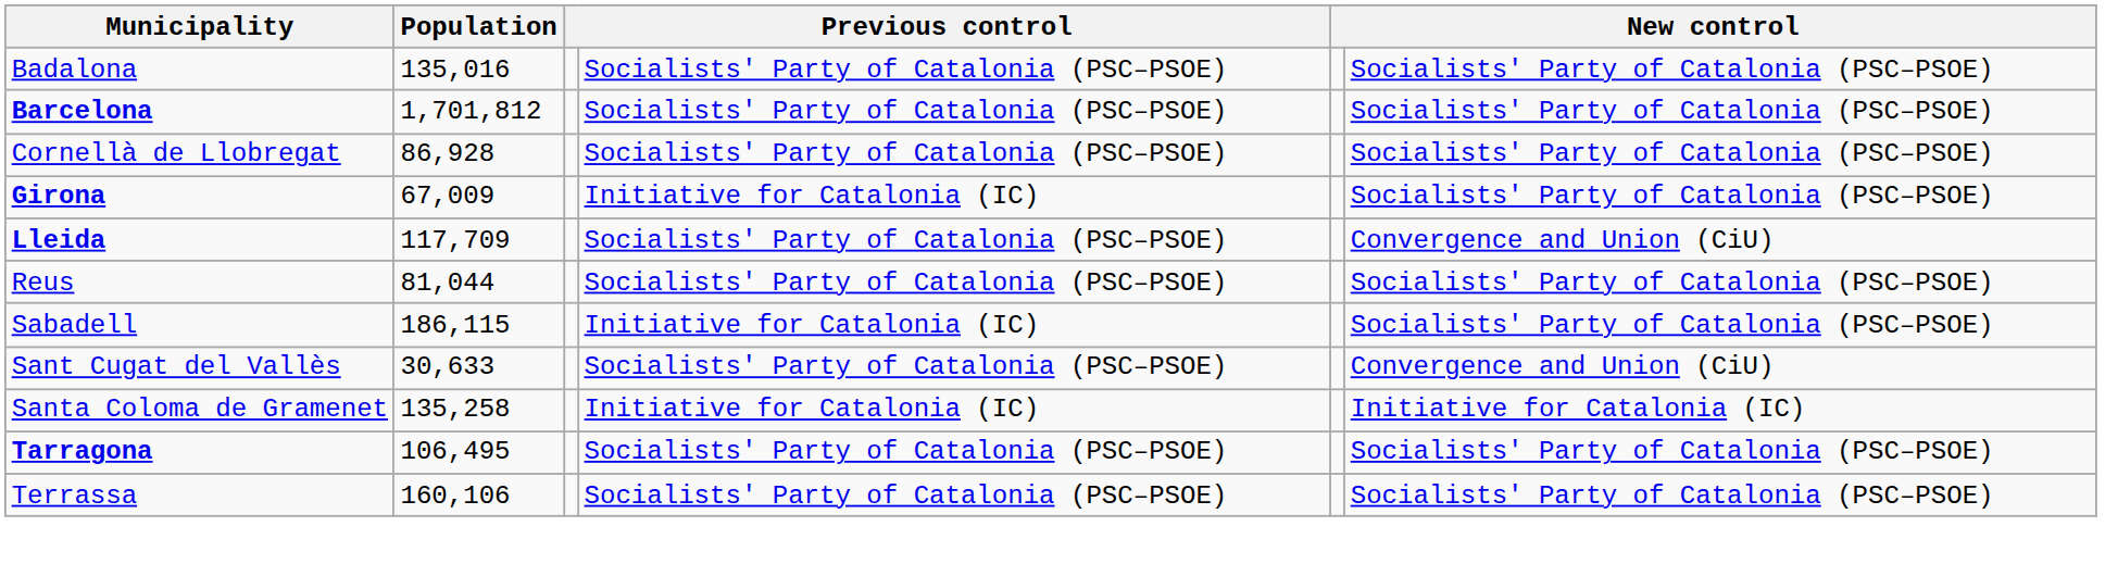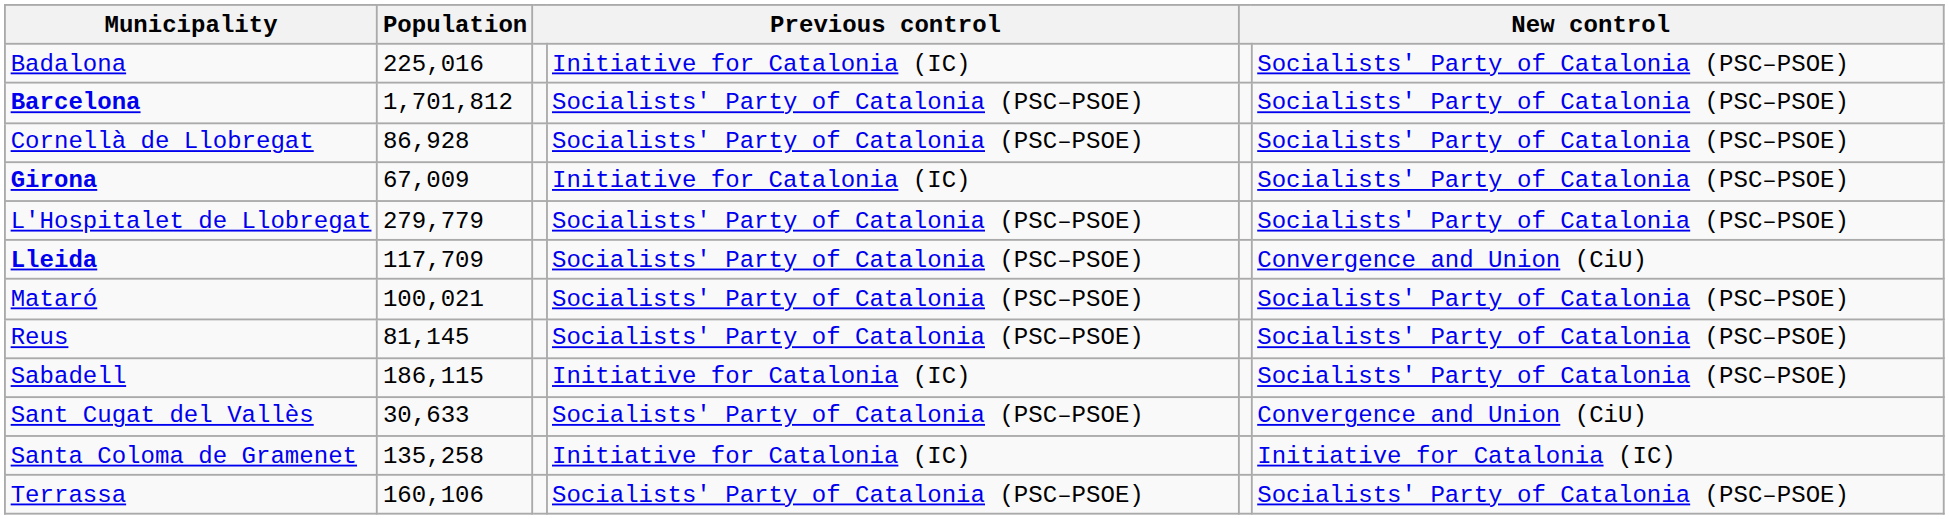 <table class="wikitable sortable">
 <tr>
 <th>Municipality</th>
 <th>Population</th>
 <th colspan="2" style="width:375px;">Previous control</th>
 <th colspan="2" style="width:375px;">New control</th>
 </tr>
 <tr>
 <td><a href='#'>Badalona</a></td>
-<td>135,016</td>
+<td>225,016</td>
 <td width="1" style="color:inherit;background:"></td>
-<td><a href='#'>Socialists' Party of Catalonia</a> (PSC–PSOE)</td>
+<td><a href='#'>Initiative for Catalonia</a> (IC)</td>
 <td width="1" style="color:inherit;background:"></td>
 <td><a href='#'>Socialists' Party of Catalonia</a> (PSC–PSOE)</td>
 </tr>
 <tr>
 <td><strong><a href='#'>Barcelona</a></strong></td>
 <td>1,701,812</td>
 <td style="color:inherit;background:"></td>
 <td><a href='#'>Socialists' Party of Catalonia</a> (PSC–PSOE)</td>
 <td style="color:inherit;background:"></td>
 <td><a href='#'>Socialists' Party of Catalonia</a> (PSC–PSOE)</td>
 </tr>
 <tr>
 <td><a href='#'>Cornellà de Llobregat</a></td>
 <td>86,928</td>
 <td style="color:inherit;background:"></td>
 <td><a href='#'>Socialists' Party of Catalonia</a> (PSC–PSOE)</td>
 <td style="color:inherit;background:"></td>
 <td><a href='#'>Socialists' Party of Catalonia</a> (PSC–PSOE)</td>
 </tr>
 <tr>
 <td><strong><a href='#'>Girona</a></strong></td>
 <td>67,009</td>
 <td style="color:inherit;background:"></td>
 <td><a href='#'>Initiative for Catalonia</a> (IC)</td>
 <td style="color:inherit;background:"></td>
 <td><a href='#'>Socialists' Party of Catalonia</a> (PSC–PSOE)</td>
 </tr>
 <tr>
+<td><a href='#'>L'Hospitalet de Llobregat</a></td>
+<td>279,779</td>
+<td style="color:inherit;background:"></td>
+<td><a href='#'>Socialists' Party of Catalonia</a> (PSC–PSOE)</td>
+<td style="color:inherit;background:"></td>
+<td><a href='#'>Socialists' Party of Catalonia</a> (PSC–PSOE)</td>
+</tr>
+<tr>
 <td><strong><a href='#'>Lleida</a></strong></td>
 <td>117,709</td>
 <td style="color:inherit;background:"></td>
 <td><a href='#'>Socialists' Party of Catalonia</a> (PSC–PSOE)</td>
 <td style="color:inherit;background:"></td>
 <td><a href='#'>Convergence and Union</a> (CiU) </td>
 </tr>
 <tr>
+<td><a href='#'>Mataró</a></td>
+<td>100,021</td>
+<td style="color:inherit;background:"></td>
+<td><a href='#'>Socialists' Party of Catalonia</a> (PSC–PSOE)</td>
+<td style="color:inherit;background:"></td>
+<td><a href='#'>Socialists' Party of Catalonia</a> (PSC–PSOE)</td>
+</tr>
+<tr>
 <td><a href='#'>Reus</a></td>
-<td>81,044</td>
+<td>81,145</td>
 <td style="color:inherit;background:"></td>
 <td><a href='#'>Socialists' Party of Catalonia</a> (PSC–PSOE)</td>
 <td style="color:inherit;background:"></td>
 <td><a href='#'>Socialists' Party of Catalonia</a> (PSC–PSOE)</td>
 </tr>
 <tr>
 <td><a href='#'>Sabadell</a></td>
 <td>186,115</td>
 <td style="color:inherit;background:"></td>
 <td><a href='#'>Initiative for Catalonia</a> (IC)</td>
 <td style="color:inherit;background:"></td>
 <td><a href='#'>Socialists' Party of Catalonia</a> (PSC–PSOE) </td>
 </tr>
 <tr>
 <td><a href='#'>Sant Cugat del Vallès</a></td>
 <td>30,633</td>
 <td style="color:inherit;background:"></td>
 <td><a href='#'>Socialists' Party of Catalonia</a> (PSC–PSOE)</td>
 <td style="color:inherit;background:"></td>
 <td><a href='#'>Convergence and Union</a> (CiU)</td>
 </tr>
 <tr>
 <td><a href='#'>Santa Coloma de Gramenet</a></td>
 <td>135,258</td>
 <td style="color:inherit;background:"></td>
 <td><a href='#'>Initiative for Catalonia</a> (IC)</td>
 <td style="color:inherit;background:"></td>
 <td><a href='#'>Initiative for Catalonia</a> (IC)</td>
 </tr>
 <tr>
-<td><strong><a href='#'>Tarragona</a></strong></td>
-<td>106,495</td>
-<td style="color:inherit;background:"></td>
-<td><a href='#'>Socialists' Party of Catalonia</a> (PSC–PSOE)</td>
-<td style="color:inherit;background:"></td>
-<td><a href='#'>Socialists' Party of Catalonia</a> (PSC–PSOE) </td>
-</tr>
-<tr>
 <td><a href='#'>Terrassa</a></td>
 <td>160,106</td>
 <td style="color:inherit;background:"></td>
 <td><a href='#'>Socialists' Party of Catalonia</a> (PSC–PSOE)</td>
 <td style="color:inherit;background:"></td>
 <td><a href='#'>Socialists' Party of Catalonia</a> (PSC–PSOE)</td>
 </tr>
 </table>
